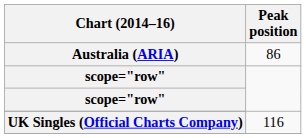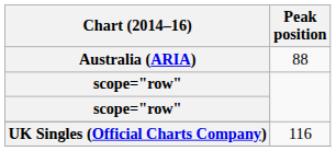 <table class="wikitable sortable plainrowheaders" style="text-align:center;">
 <tr>
 <th>Chart (2014–16)</th>
 <th>Peak<br>position</th>
 </tr>
 <tr>
 <th scope="row">Australia (<a href='#'>ARIA</a>)</th>
-<td>86</td>
+<td>88</td>
 </tr>
 <tr>
 <th>scope="row"</th>
 </tr>
 <tr>
 <th>scope="row"</th>
 </tr>
 <tr>
 </tr>
 <tr>
 </tr>
 <tr>
 </tr>
 <tr>
 </tr>
 <tr>
 </tr>
 <tr>
 </tr>
 <tr>
 </tr>
 <tr>
 </tr>
 <tr>
 <th scope="row">UK Singles (<a href='#'>Official Charts Company</a>)</th>
 <td>116</td>
 </tr>
 <tr>
 </tr>
 <tr>
 </tr>
 <tr>
 </tr>
 <tr>
 </tr>
 </table>
